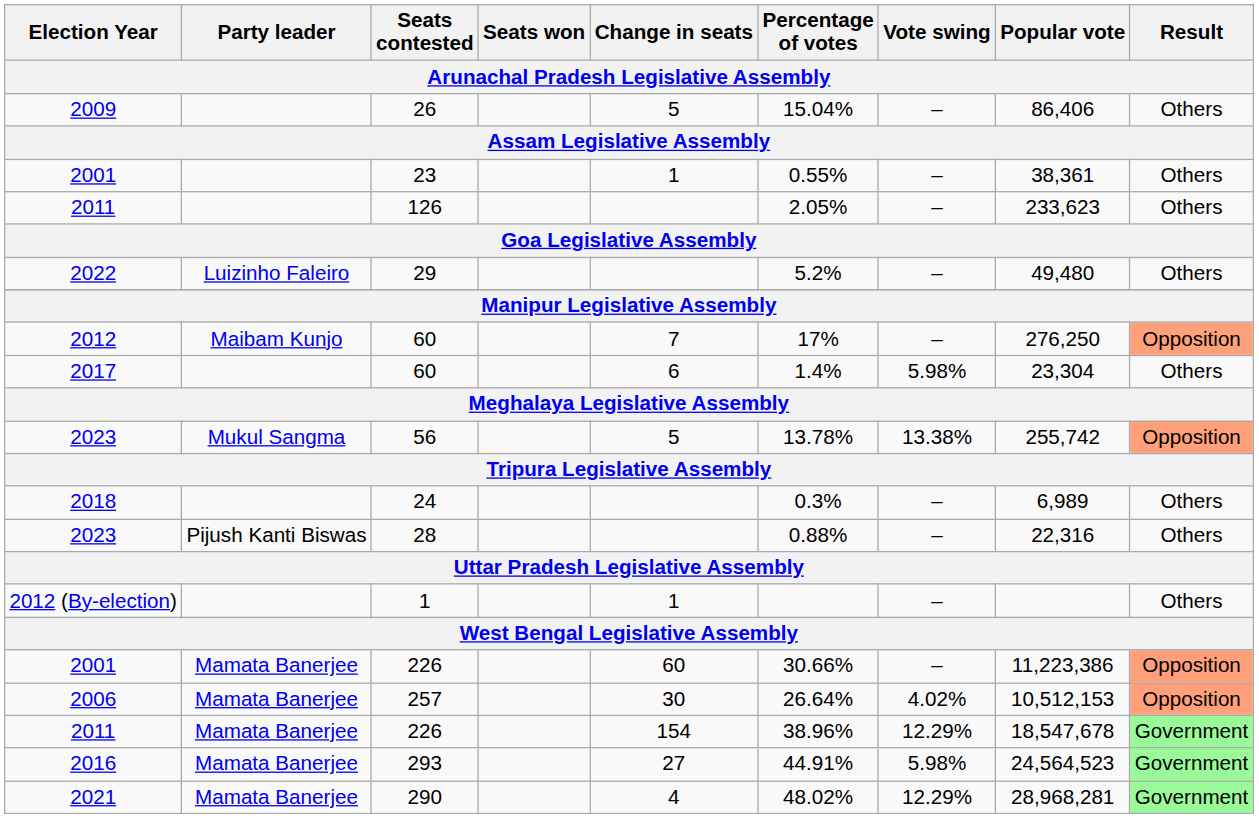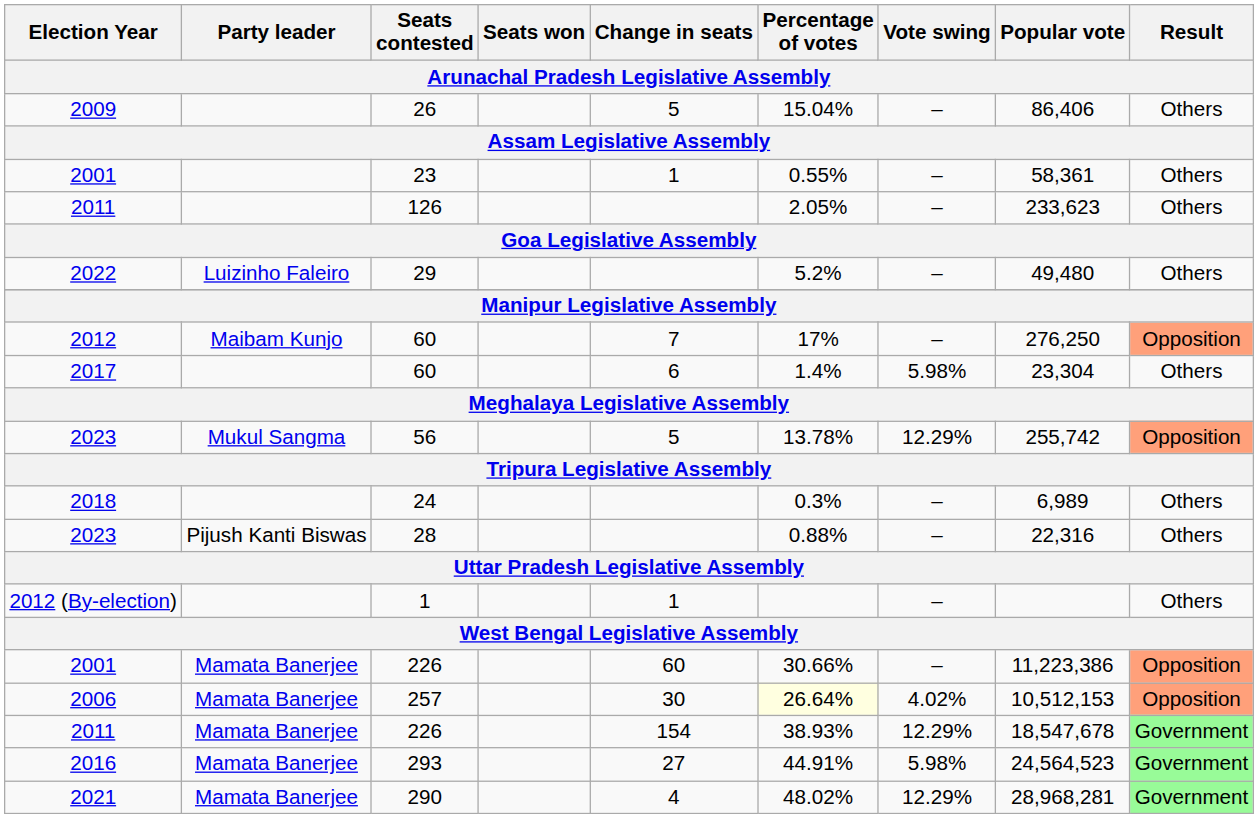 <table class="wikitable sortable">
 <tr>
 <th Style="background-color:">Election Year</th>
 <th Style="background-color:">Party leader</th>
 <th Style="background-color:">Seats<br>contested</th>
 <th Style="background-color:">Seats won</th>
 <th Style="background-color:">Change in seats</th>
 <th Style="background-color:">Percentage<br>of votes</th>
 <th Style="background-color:">Vote swing</th>
 <th Style="background-color:">Popular vote</th>
 <th Style="background-color:">Result</th>
 </tr>
 <tr style="text-align:center;">
 <th colspan=9><a href='#'>Arunachal Pradesh Legislative Assembly</a></th>
 </tr>
 <tr style="text-align:center;">
 <td><a href='#'>2009</a></td>
 <td></td>
 <td>26</td>
 <td></td>
 <td> 5</td>
 <td>15.04%</td>
 <td>–</td>
 <td>86,406</td>
 <td style="background:#FA07A;">Others</td>
 </tr>
 <tr style="text-align:center;">
 <th colspan=9><a href='#'>Assam Legislative Assembly</a></th>
 </tr>
 <tr style="text-align:center;">
 <td><a href='#'>2001</a></td>
 <td></td>
 <td>23</td>
 <td></td>
 <td> 1</td>
 <td>0.55%</td>
 <td>–</td>
-<td>38,361</td>
+<td>58,361</td>
 <td style="background:#FA07A;">Others</td>
 </tr>
 <tr style="text-align:center;">
 <td><a href='#'>2011</a></td>
 <td></td>
 <td>126</td>
 <td></td>
 <td></td>
 <td>2.05%</td>
 <td>–</td>
 <td>233,623</td>
 <td style="background:#FA07A;">Others</td>
 </tr>
 <tr style="text-align:center;">
 <th colspan=9><a href='#'>Goa Legislative Assembly</a></th>
 </tr>
 <tr style="text-align:center;">
 <td><a href='#'>2022</a></td>
 <td><a href='#'>Luizinho Faleiro</a></td>
 <td>29</td>
 <td></td>
 <td></td>
 <td>5.2%</td>
 <td>–</td>
 <td>49,480</td>
 <td>Others</td>
 </tr>
 <tr style="text-align:center;">
 </tr>
 <tr>
 <th colspan=9><a href='#'>Manipur Legislative Assembly</a></th>
 </tr>
 <tr style="text-align:center;">
 <td><a href='#'>2012</a></td>
 <td><a href='#'>Maibam Kunjo</a></td>
 <td>60</td>
 <td></td>
 <td> 7</td>
 <td>17%</td>
 <td>–</td>
 <td>276,250</td>
 <td style="background:#FFA07A;">Opposition</td>
 </tr>
 <tr style="text-align:center;">
 <td><a href='#'>2017</a></td>
 <td></td>
 <td>60</td>
 <td></td>
 <td> 6</td>
 <td>1.4%</td>
 <td> 5.98%</td>
 <td>23,304</td>
 <td style="background:#FA07A;">Others</td>
 </tr>
 <tr>
 <th colspan="9"><a href='#'>Meghalaya Legislative Assembly</a></th>
 </tr>
 <tr style="text-align:center;">
 <td><a href='#'>2023</a></td>
 <td><a href='#'>Mukul Sangma</a></td>
 <td>56</td>
 <td></td>
 <td> 5</td>
 <td>13.78%</td>
-<td>13.38%</td>
+<td> 12.29%</td>
 <td>255,742</td>
 <td style="background:#FFA07A;">Opposition</td>
 </tr>
 <tr style="text-align:center;">
 <th colspan=9><a href='#'>Tripura Legislative Assembly</a></th>
 </tr>
 <tr style="text-align:center;">
 <td><a href='#'>2018</a></td>
 <td></td>
 <td>24</td>
 <td></td>
 <td></td>
 <td>0.3%</td>
 <td>–</td>
 <td>6,989</td>
 <td>Others</td>
 </tr>
 <tr style="text-align:center;">
 <td><a href='#'>2023</a></td>
 <td>Pijush Kanti Biswas</td>
 <td>28</td>
 <td></td>
 <td></td>
 <td>0.88%</td>
 <td>–</td>
 <td>22,316</td>
 <td>Others</td>
 </tr>
 <tr style="text-align:center;">
 <th colspan=9><a href='#'>Uttar Pradesh Legislative Assembly</a></th>
 </tr>
 <tr style="text-align:center;">
 <td><a href='#'>2012</a> (<a href='#'>By-election</a>)</td>
 <td></td>
 <td>1</td>
 <td></td>
 <td> 1</td>
 <td></td>
 <td>–</td>
 <td></td>
 <td style="background:#FA07A;">Others</td>
 </tr>
 <tr style="text-align:center;">
 <th colspan=9><a href='#'>West Bengal Legislative Assembly</a></th>
 </tr>
 <tr style="text-align:center;">
 <td><a href='#'>2001</a></td>
 <td><a href='#'>Mamata Banerjee</a></td>
 <td>226</td>
 <td></td>
 <td> 60</td>
 <td>30.66%</td>
 <td>–</td>
 <td>11,223,386</td>
 <td style="background:#FFA07A;">Opposition</td>
 </tr>
 <tr style="text-align:center;">
 <td><a href='#'>2006</a></td>
 <td><a href='#'>Mamata Banerjee</a></td>
 <td>257</td>
 <td></td>
 <td> 30</td>
-<td>26.64%</td>
+<td style="background: lightyellow;">26.64%</td>
 <td> 4.02%</td>
 <td>10,512,153</td>
 <td style="background:#FFA07A;">Opposition</td>
 </tr>
 <tr style="text-align:center;">
 <td><a href='#'>2011</a></td>
 <td><a href='#'>Mamata Banerjee</a></td>
 <td>226</td>
 <td></td>
 <td> 154</td>
-<td>38.96%</td>
+<td>38.93%</td>
 <td> 12.29%</td>
 <td>18,547,678</td>
 <td style="background:#98FB98;">Government</td>
 </tr>
 <tr style="text-align:center;">
 <td><a href='#'>2016</a></td>
 <td><a href='#'>Mamata Banerjee</a></td>
 <td>293</td>
 <td></td>
 <td> 27</td>
 <td>44.91%</td>
 <td> 5.98%</td>
 <td>24,564,523</td>
 <td style="background:#98FB98;">Government</td>
 </tr>
 <tr style="text-align:center;">
 <td><a href='#'>2021</a></td>
 <td><a href='#'>Mamata Banerjee</a></td>
 <td>290</td>
 <td></td>
 <td> 4</td>
 <td>48.02%</td>
 <td> 12.29%</td>
 <td>28,968,281</td>
 <td style="background:#98FB98;">Government</td>
 </tr>
 </table>
